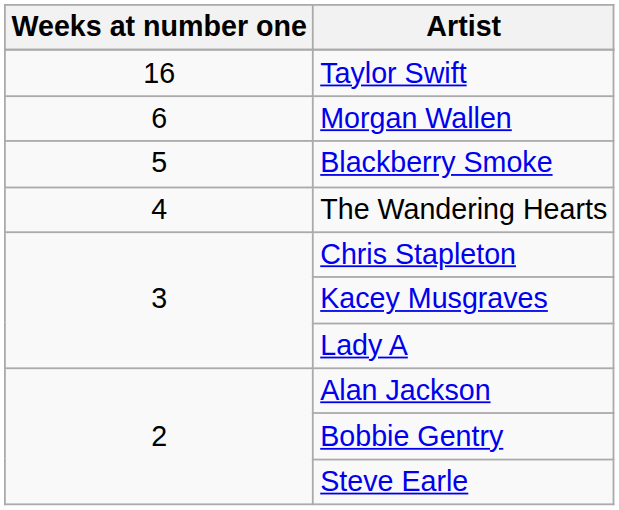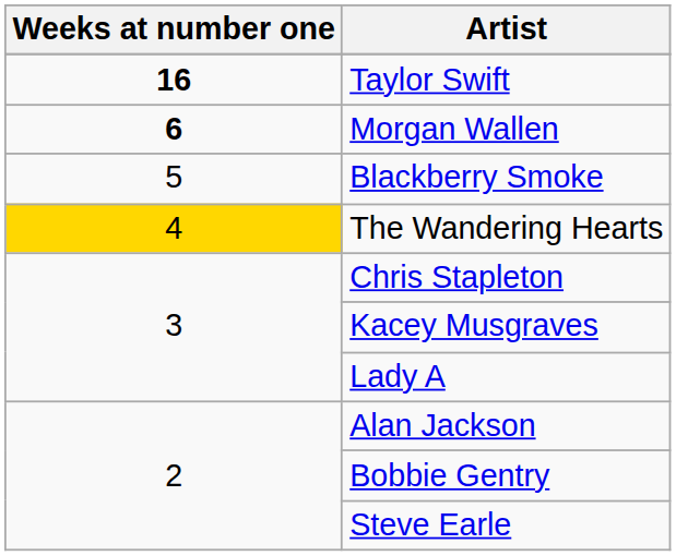 <table class="wikitable plainrowheaders sortable">
 <tr>
 <th scope=col>Weeks at number one</th>
 <th scope=col>Artist</th>
 </tr>
 <tr class=unsortable>
 </tr>
 <tr>
-<td align="center">16</td>
+<td align="center"><strong>16</strong></td>
 <td><a href='#'>Taylor Swift</a></td>
 </tr>
 <tr>
-<td align="center">6</td>
+<td align="center"><strong>6</strong></td>
 <td><a href='#'>Morgan Wallen</a></td>
 </tr>
 <tr>
 <td align="center">5</td>
 <td><a href='#'>Blackberry Smoke</a></td>
 </tr>
 <tr>
-<td align="center">4</td>
+<td align="center" style="background: gold;">4</td>
 <td>The Wandering Hearts</td>
 </tr>
 <tr>
 <td align="center" rowspan=3>3</td>
 <td><a href='#'>Chris Stapleton</a></td>
 </tr>
 <tr>
 <td><a href='#'>Kacey Musgraves</a></td>
 </tr>
 <tr>
 <td><a href='#'>Lady A</a></td>
 </tr>
 <tr>
 <td align="center" rowspan=3>2</td>
 <td><a href='#'>Alan Jackson</a></td>
 </tr>
 <tr>
 <td><a href='#'>Bobbie Gentry</a></td>
 </tr>
 <tr>
 <td><a href='#'>Steve Earle</a></td>
 </tr>
 </table>
